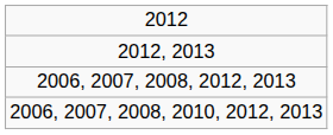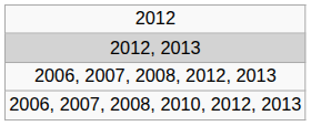 <table class="wikitable" style="text-align:center;">
 <tr>
 </tr>
 <tr>
 <td>2012<br></td>
 </tr>
 <tr>
-<td>2012, 2013<br></td>
+<td style="background: lightgrey;">2012, 2013<br></td>
 </tr>
 <tr>
 <td>2006, 2007, 2008, 2012, 2013<br></td>
 </tr>
 <tr>
 <td>2006, 2007, 2008, 2010, 2012, 2013</td>
 </tr>
 </table>
